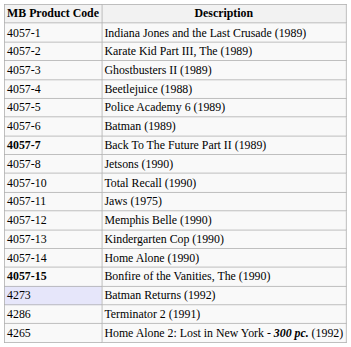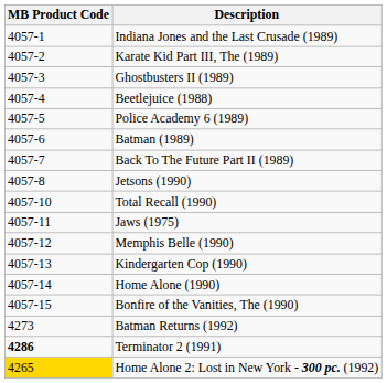 <table class="wikitable">
 <tr>
 <th>MB Product Code</th>
 <th>Description</th>
 </tr>
 <tr>
 <td>4057-1</td>
 <td>Indiana Jones and the Last Crusade (1989)</td>
 </tr>
 <tr>
 <td>4057-2</td>
 <td>Karate Kid Part III, The (1989)</td>
 </tr>
 <tr>
 <td>4057-3</td>
 <td>Ghostbusters II (1989)</td>
 </tr>
 <tr>
 <td>4057-4</td>
 <td>Beetlejuice (1988)</td>
 </tr>
 <tr>
 <td>4057-5</td>
 <td>Police Academy 6 (1989)</td>
 </tr>
 <tr>
 <td>4057-6</td>
 <td>Batman (1989)</td>
 </tr>
 <tr>
-<td><strong>4057-7</strong></td>
+<td>4057-7</td>
 <td>Back To The Future Part II (1989)</td>
 </tr>
 <tr>
 <td>4057-8</td>
 <td>Jetsons (1990)</td>
 </tr>
 <tr>
 <td>4057-10</td>
 <td>Total Recall (1990)</td>
 </tr>
 <tr>
 <td>4057-11</td>
 <td>Jaws (1975)</td>
 </tr>
 <tr>
 <td>4057-12</td>
 <td>Memphis Belle (1990)</td>
 </tr>
 <tr>
 <td>4057-13</td>
 <td>Kindergarten Cop (1990)</td>
 </tr>
 <tr>
 <td>4057-14</td>
 <td>Home Alone (1990)</td>
 </tr>
 <tr>
-<td><strong>4057-15</strong></td>
+<td>4057-15</td>
 <td>Bonfire of the Vanities, The (1990)</td>
 </tr>
 <tr>
-<td style="background: lavender;">4273</td>
+<td>4273</td>
 <td>Batman Returns (1992)</td>
 </tr>
 <tr>
-<td>4286</td>
+<td><strong>4286</strong></td>
 <td>Terminator 2 (1991)</td>
 </tr>
 <tr>
-<td>4265</td>
+<td style="background: gold;">4265</td>
 <td>Home Alone 2: Lost in New York - <strong><em>300 pc.</em></strong> (1992)</td>
 </tr>
 </table>
